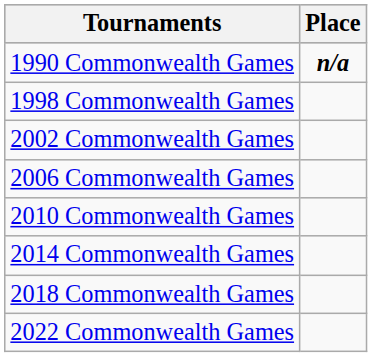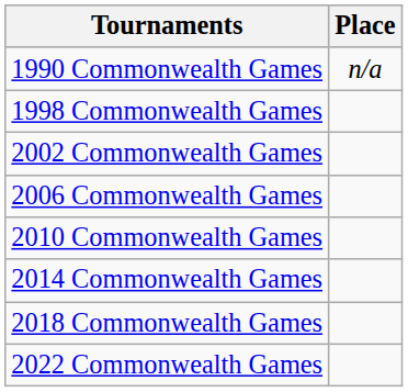 <table class="wikitable collapsible" style="text-align:center;">
 <tr style="background:silver;">
 <th>Tournaments</th>
 <th>Place</th>
 </tr>
 <tr>
 <td><a href='#'>1990 Commonwealth Games</a></td>
-<td><strong><em>n/a</em></strong></td>
+<td><em>n/a</em></td>
 </tr>
 <tr>
 <td><a href='#'>1998 Commonwealth Games</a></td>
 <td></td>
 </tr>
 <tr>
 <td><a href='#'>2002 Commonwealth Games</a></td>
 <td></td>
 </tr>
 <tr>
 <td><a href='#'>2006 Commonwealth Games</a></td>
 <td></td>
 </tr>
 <tr>
 <td><a href='#'>2010 Commonwealth Games</a></td>
 <td></td>
 </tr>
 <tr>
 <td><a href='#'>2014 Commonwealth Games</a></td>
 <td></td>
 </tr>
 <tr>
 <td><a href='#'>2018 Commonwealth Games</a></td>
 <td></td>
 </tr>
 <tr>
 <td><a href='#'>2022 Commonwealth Games</a></td>
 <td></td>
 </tr>
 </table>
